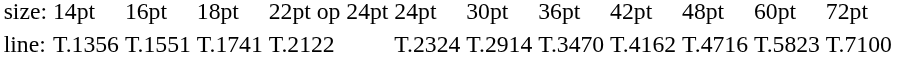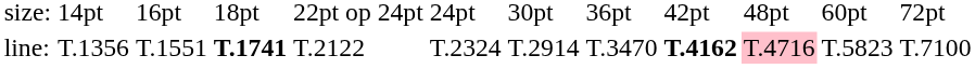 <table style="margin-left:40px;">
 <tr>
 <td>size:</td>
 <td>14pt</td>
 <td>16pt</td>
 <td>18pt</td>
 <td>22pt op 24pt</td>
 <td>24pt</td>
 <td>30pt</td>
 <td>36pt</td>
 <td>42pt</td>
 <td>48pt</td>
 <td>60pt</td>
 <td>72pt</td>
 </tr>
 <tr>
 <td>line:</td>
 <td>T.1356</td>
 <td>T.1551</td>
-<td>T.1741</td>
+<td><strong>T.1741</strong></td>
 <td>T.2122</td>
 <td>T.2324</td>
 <td>T.2914</td>
 <td>T.3470</td>
-<td>T.4162</td>
-<td>T.4716</td>
+<td><strong>T.4162</strong></td>
+<td style="background: pink;">T.4716</td>
 <td>T.5823</td>
 <td>T.7100</td>
 </tr>
 </table>
